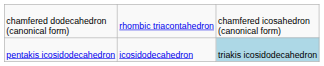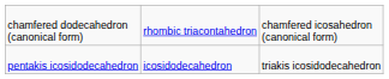 <table class="wikitable center" style="font-size:90%;">
 <tr>
 <td><br>chamfered dodecahedron<br>(canonical form)</td>
 <td><br><a href='#'>rhombic triacontahedron</a></td>
 <td><br>chamfered icosahedron<br>(canonical form)</td>
 </tr>
 <tr>
 <td><br><a href='#'>pentakis icosidodecahedron</a></td>
 <td><br><a href='#'>icosidodecahedron</a></td>
-<td style="background: lightblue;"><br>triakis icosidodecahedron</td>
+<td><br>triakis icosidodecahedron</td>
 </tr>
 </table>
